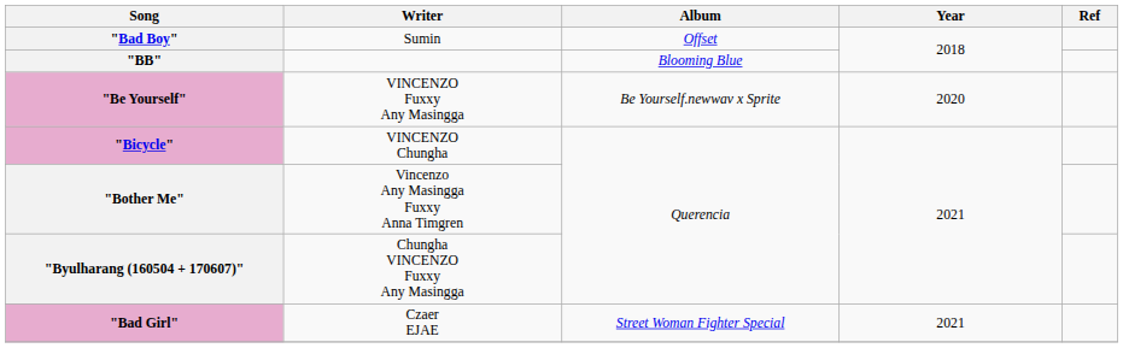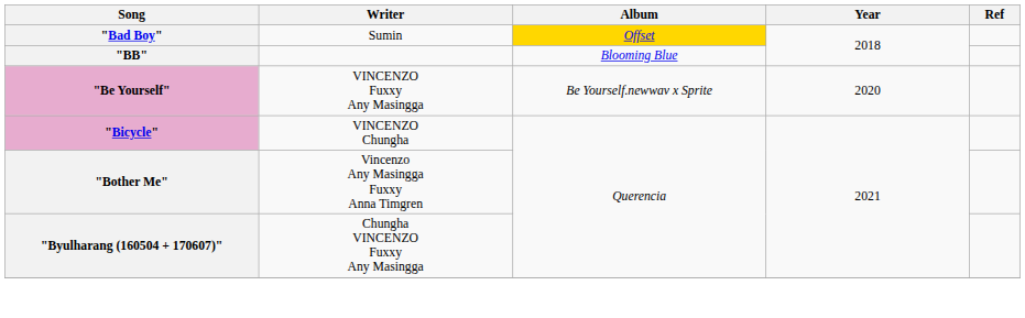 <table class="wikitable" style="text-align:center; width:100%">
 <tr>
 <th style="width:25%">Song</th>
 <th style="width:25%">Writer</th>
 <th style="width:25%">Album</th>
 <th style="width:20%">Year</th>
 <th style="width:5%">Ref</th>
 </tr>
 <tr>
 <th scope="row">"<a href='#'>Bad Boy</a>"</th>
 <td>Sumin</td>
-<td><em><a href='#'>Offset</a></em></td>
+<td style="background: gold;"><em><a href='#'>Offset</a></em></td>
 <td rowspan="2">2018</td>
 <td></td>
 </tr>
 <tr>
 <th scope="row">"BB"</th>
 <td></td>
 <td><em><a href='#'>Blooming Blue</a></em></td>
 <td></td>
 </tr>
 <tr>
 <th scope="row" style="background-color:#E7ACCF">"Be Yourself" </th>
 <td>VINCENZO<br>Fuxxy<br>Any Masingga</td>
 <td><em>Be Yourself.newwav x Sprite</em></td>
 <td>2020</td>
 <td></td>
 </tr>
 <tr>
 <th scope="row" style="background-color:#E7ACCF">"<a href='#'>Bicycle</a>" </th>
 <td>VINCENZO<br>Chungha</td>
 <td rowspan="3"><em>Querencia</em></td>
 <td rowspan="3">2021</td>
 <td></td>
 </tr>
 <tr>
 <th scope="row">"Bother Me" </th>
 <td>Vincenzo<br>Any Masingga<br>Fuxxy<br>Anna Timgren</td>
 <td></td>
 </tr>
 <tr>
 <th scope="row">"Byulharang (160504 + 170607)" </th>
 <td>Chungha<br>VINCENZO<br>Fuxxy<br>Any Masingga</td>
 <td></td>
 </tr>
 <tr>
-<th scope="row" style="background-color:#E7ACCF">"Bad Girl"  </th>
-<td>Czaer<br>EJAE</td>
-<td><em><a href='#'>Street Woman Fighter Special</a></em></td>
-<td>2021</td>
-<td></td>
-</tr>
-<tr>
 </tr>
 </table>
